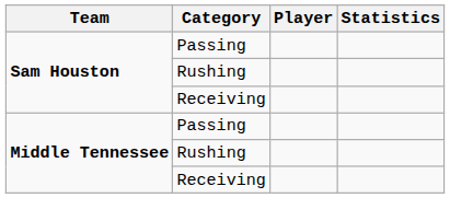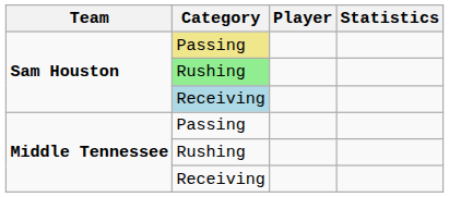 <table class="wikitable" style="float: right;">
 <tr>
 <th>Team</th>
 <th>Category</th>
 <th>Player</th>
 <th>Statistics</th>
 </tr>
 <tr>
 <td rowspan=3><strong>Sam Houston</strong></td>
-<td>Passing</td>
+<td style="background: khaki;">Passing</td>
 <td></td>
 <td></td>
 </tr>
 <tr>
-<td>Rushing</td>
+<td style="background: lightgreen;">Rushing</td>
 <td></td>
 <td></td>
 </tr>
 <tr>
-<td>Receiving</td>
+<td style="background: lightblue;">Receiving</td>
 <td></td>
 <td></td>
 </tr>
 <tr>
 <td rowspan=3><strong>Middle Tennessee</strong></td>
 <td>Passing</td>
 <td></td>
 <td></td>
 </tr>
 <tr>
 <td>Rushing</td>
 <td></td>
 <td></td>
 </tr>
 <tr>
 <td>Receiving</td>
 <td></td>
 <td></td>
 </tr>
 </table>
